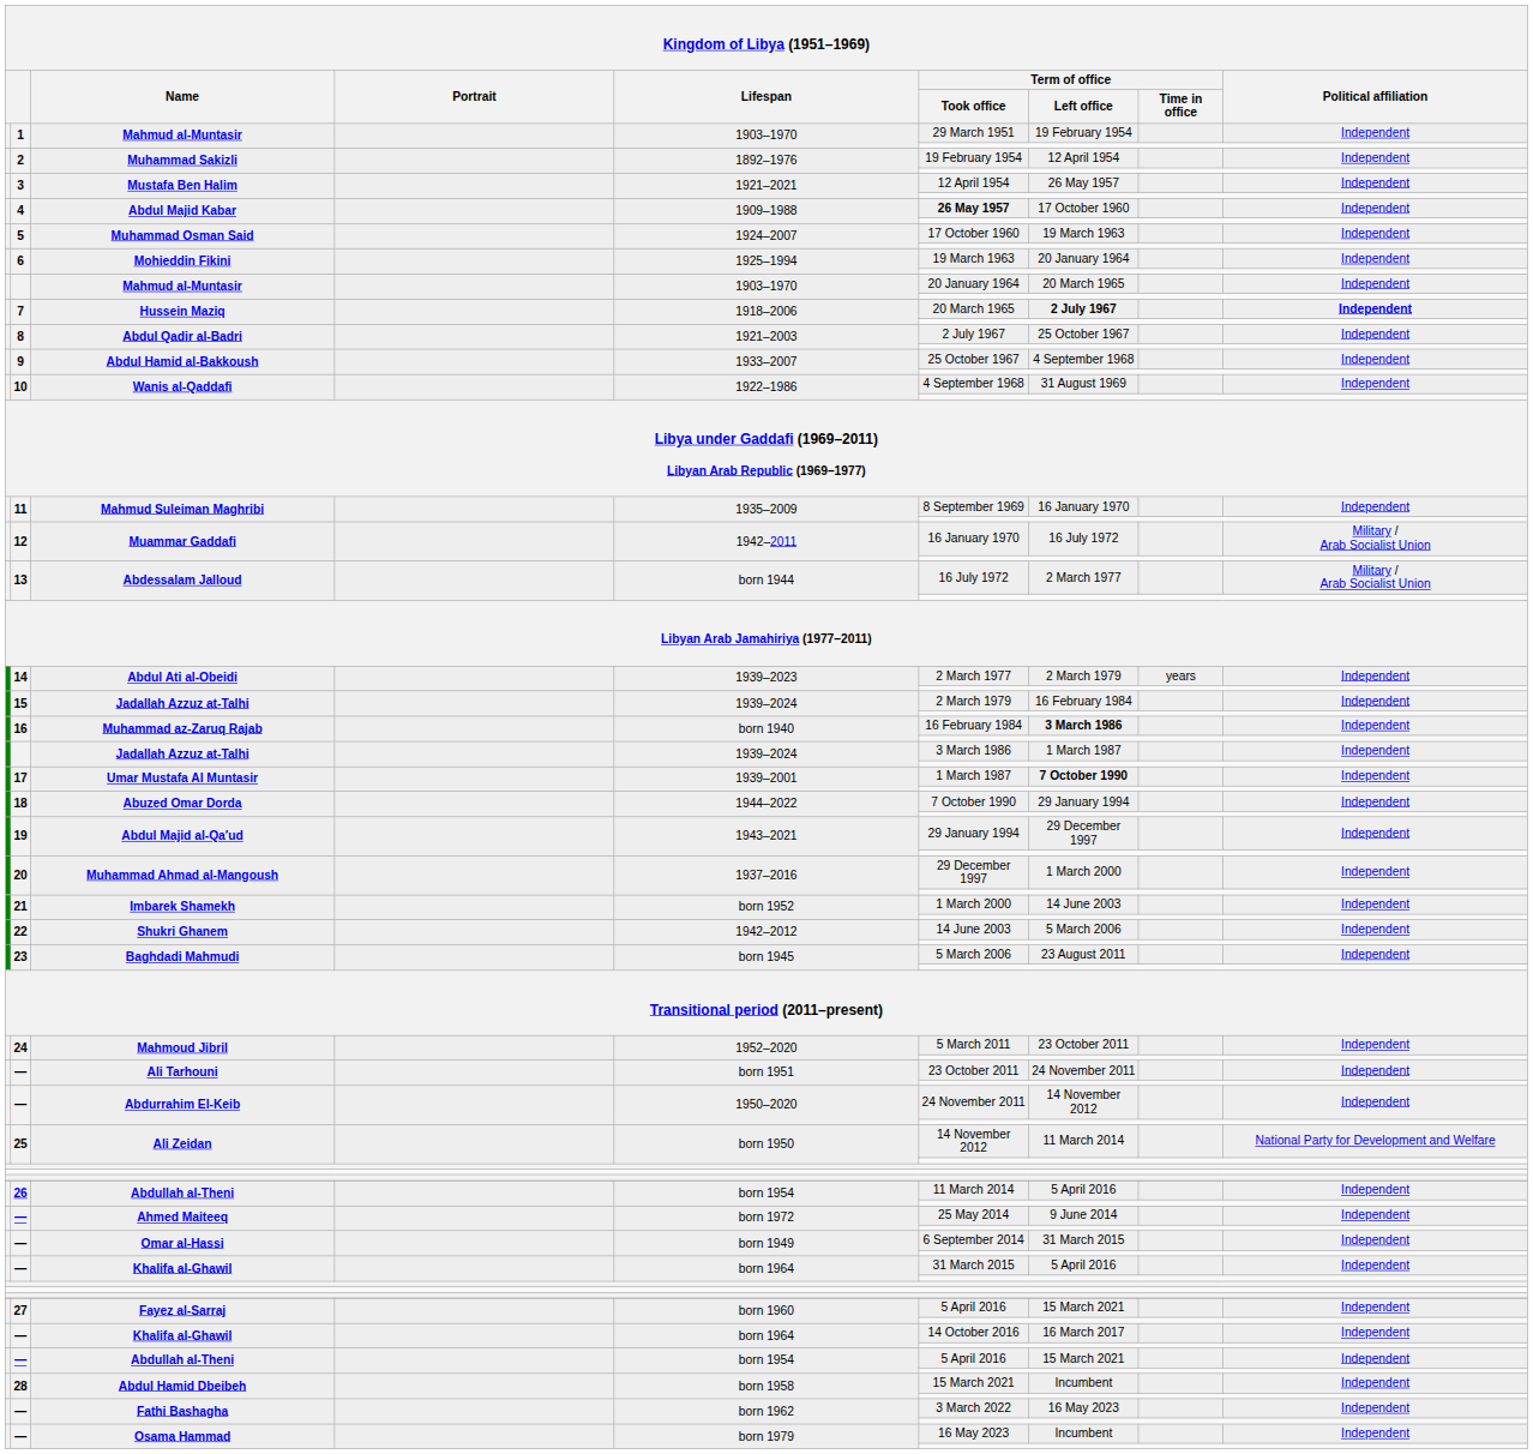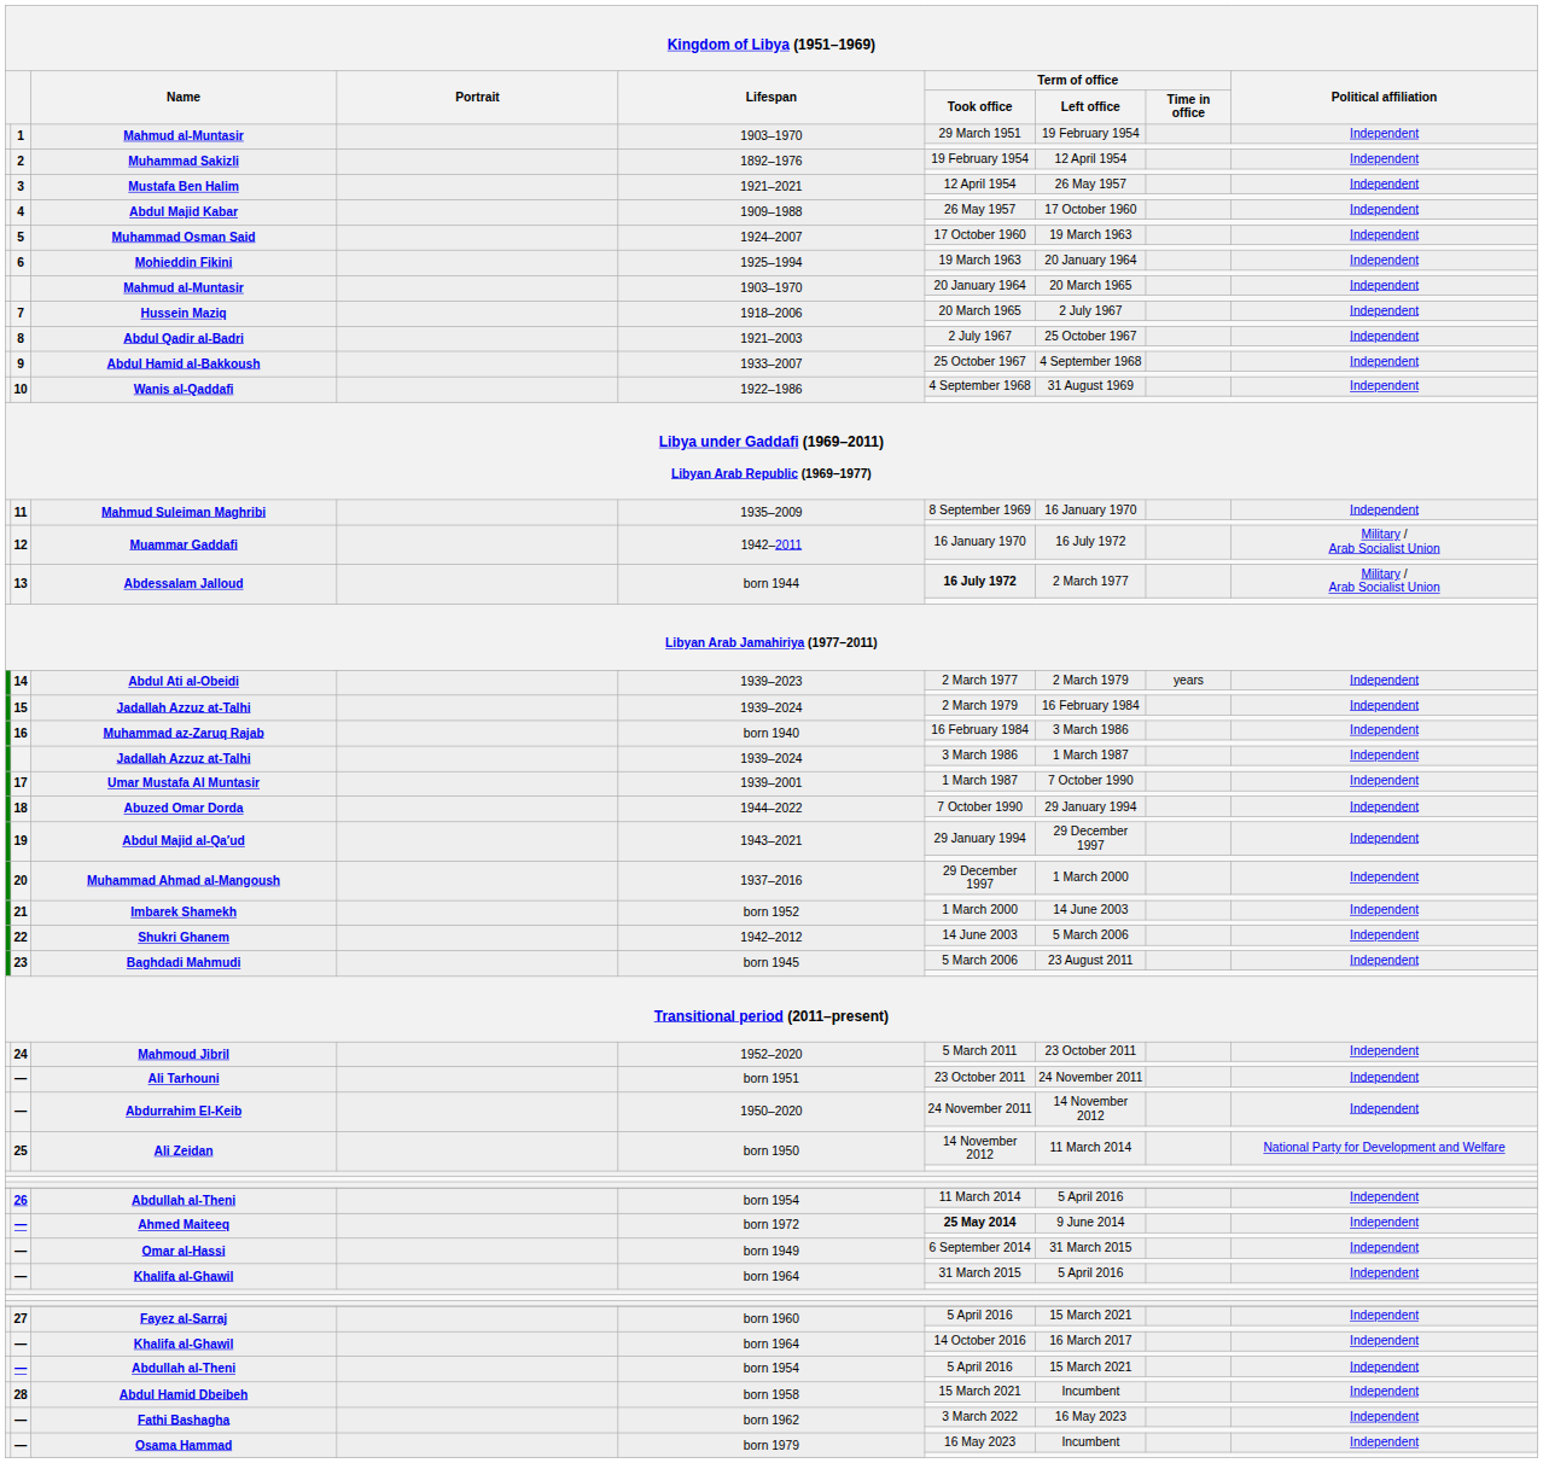 <table class="wikitable" style="text-align:center; width:100%">
 <tr>
 <th colspan=9><br><h3><a href='#'>Kingdom of Libya</a> (1951–1969)</h3></th>
 </tr>
 <tr>
 <th rowspan="2" colspan="2" width="1%"></th>
 <th rowspan="2" width="20%">Name</th>
 <th rowspan="2" width="100px">Portrait</th>
 <th rowspan="2" width="20%">Lifespan</th>
 <th colspan="3" width="20%">Term of office</th>
 <th rowspan="2" width="20%">Political affiliation</th>
 </tr>
 <tr>
 <th>Took office</th>
 <th>Left office</th>
 <th>Time in office</th>
 </tr>
 <tr style="background:#EEEEEE">
 <th rowspan="2" style="background:"></th>
 <th rowspan="2">1</th>
 <td rowspan="2"><strong><a href='#'>Mahmud al-Muntasir</a></strong></td>
 <td rowspan="2"></td>
 <td rowspan="2">1903–1970</td>
 <td>29 March 1951</td>
 <td>19 February 1954</td>
 <td></td>
 <td><a href='#'>Independent</a></td>
 </tr>
 <tr>
 <td colspan="4" align=left></td>
 </tr>
 <tr style="background:#EEEEEE">
 <th rowspan="2" style="background:"></th>
 <th rowspan="2">2</th>
 <td rowspan="2"><strong><a href='#'>Muhammad Sakizli</a></strong></td>
 <td rowspan="2"></td>
 <td rowspan="2">1892–1976</td>
 <td>19 February 1954</td>
 <td>12 April 1954</td>
 <td></td>
 <td><a href='#'>Independent</a></td>
 </tr>
 <tr>
 <td colspan="4" align=left></td>
 </tr>
 <tr style="background:#EEEEEE">
 <th rowspan="2" style="background:"></th>
 <th rowspan="2">3</th>
 <td rowspan="2"><strong><a href='#'>Mustafa Ben Halim</a></strong></td>
 <td rowspan="2"></td>
 <td rowspan="2">1921–2021</td>
 <td>12 April 1954</td>
 <td>26 May 1957</td>
 <td></td>
 <td><a href='#'>Independent</a></td>
 </tr>
 <tr>
 <td colspan="4" align=left></td>
 </tr>
 <tr style="background:#EEEEEE">
 <th rowspan="2" style="background:"></th>
 <th rowspan="2">4</th>
 <td rowspan="2"><strong><a href='#'>Abdul Majid Kabar</a></strong></td>
 <td rowspan="2"></td>
 <td rowspan="2">1909–1988</td>
-<td><strong>26 May 1957</strong></td>
+<td>26 May 1957</td>
 <td>17 October 1960</td>
 <td></td>
 <td><a href='#'>Independent</a></td>
 </tr>
 <tr>
 <td colspan="4" align=left></td>
 </tr>
 <tr style="background:#EEEEEE">
 <th rowspan="2" style="background:"></th>
 <th rowspan="2">5</th>
 <td rowspan="2"><strong><a href='#'>Muhammad Osman Said</a></strong></td>
 <td rowspan="2"></td>
 <td rowspan="2">1924–2007</td>
 <td>17 October 1960</td>
 <td>19 March 1963</td>
 <td></td>
 <td><a href='#'>Independent</a></td>
 </tr>
 <tr>
 <td colspan="4" align=left></td>
 </tr>
 <tr style="background:#EEEEEE">
 <th rowspan="2" style="background:"></th>
 <th rowspan="2">6</th>
 <td rowspan="2"><strong><a href='#'>Mohieddin Fikini</a></strong></td>
 <td rowspan="2"></td>
 <td rowspan="2">1925–1994</td>
 <td>19 March 1963</td>
 <td>20 January 1964</td>
 <td></td>
 <td><a href='#'>Independent</a></td>
 </tr>
 <tr>
 <td colspan="4" align=left></td>
 </tr>
 <tr style="background:#EEEEEE">
 <th rowspan="2" style="background:"></th>
 <th rowspan="2"></th>
 <td rowspan="2"><strong><a href='#'>Mahmud al-Muntasir</a></strong></td>
 <td rowspan="2"></td>
 <td rowspan="2">1903–1970</td>
 <td>20 January 1964</td>
 <td>20 March 1965</td>
 <td></td>
 <td><a href='#'>Independent</a></td>
 </tr>
 <tr>
 <td colspan="4" align=left></td>
 </tr>
 <tr style="background:#EEEEEE">
 <th rowspan="2" style="background:"></th>
 <th rowspan="2">7</th>
 <td rowspan="2"><strong><a href='#'>Hussein Maziq</a></strong></td>
 <td rowspan="2"></td>
 <td rowspan="2">1918–2006</td>
 <td>20 March 1965</td>
-<td><strong>2 July 1967</strong></td>
+<td>2 July 1967</td>
 <td></td>
-<td><strong><a href='#'>Independent</a></strong></td>
+<td><a href='#'>Independent</a></td>
 </tr>
 <tr>
 <td colspan="4" align=left></td>
 </tr>
 <tr style="background:#EEEEEE">
 <th rowspan="2" style="background:"></th>
 <th rowspan="2">8</th>
 <td rowspan="2"><strong><a href='#'>Abdul Qadir al-Badri</a></strong></td>
 <td rowspan="2"></td>
 <td rowspan="2">1921–2003</td>
 <td>2 July 1967</td>
 <td>25 October 1967</td>
 <td></td>
 <td><a href='#'>Independent</a></td>
 </tr>
 <tr>
 <td colspan="4" align=left></td>
 </tr>
 <tr style="background:#EEEEEE">
 <th rowspan="2" style="background:"></th>
 <th rowspan="2">9</th>
 <td rowspan="2"><strong><a href='#'>Abdul Hamid al-Bakkoush</a></strong></td>
 <td rowspan="2"></td>
 <td rowspan="2">1933–2007</td>
 <td>25 October 1967</td>
 <td>4 September 1968</td>
 <td></td>
 <td><a href='#'>Independent</a></td>
 </tr>
 <tr>
 <td colspan="4" align=left></td>
 </tr>
 <tr style="background:#EEEEEE">
 <th rowspan="2" style="background:"></th>
 <th rowspan="2">10</th>
 <td rowspan="2"><strong><a href='#'>Wanis al-Qaddafi</a></strong></td>
 <td rowspan="2"></td>
 <td rowspan="2">1922–1986</td>
 <td>4 September 1968</td>
 <td>31 August 1969</td>
 <td></td>
 <td><a href='#'>Independent</a></td>
 </tr>
 <tr>
 <td colspan="4" align=left></td>
 </tr>
 <tr>
 <th colspan=9><br><h3><a href='#'>Libya under Gaddafi</a> (1969–2011)</h3><h4><a href='#'>Libyan Arab Republic</a> (1969–1977)</h4></th>
 </tr>
 <tr style="background:#EEEEEE">
 <th rowspan="2" style="background:"></th>
 <th rowspan="2">11</th>
 <td rowspan="2"><strong><a href='#'>Mahmud Suleiman Maghribi</a></strong></td>
 <td rowspan="2"></td>
 <td rowspan="2">1935–2009</td>
 <td>8 September 1969</td>
 <td>16 January 1970</td>
 <td></td>
 <td><a href='#'>Independent</a></td>
 </tr>
 <tr>
 <td colspan="4" align=left></td>
 </tr>
 <tr style="background:#EEEEEE">
 <th rowspan="2" style="background:"></th>
 <th rowspan="2">12</th>
 <td rowspan="2"><strong><a href='#'>Muammar Gaddafi</a></strong></td>
 <td rowspan="2"></td>
 <td rowspan="2">1942–<a href='#'>2011</a></td>
 <td>16 January 1970</td>
 <td>16 July 1972</td>
 <td></td>
 <td><a href='#'>Military</a> / <br> <a href='#'>Arab Socialist Union</a></td>
 </tr>
 <tr>
 <td colspan="4" align=left></td>
 </tr>
 <tr style="background:#EEEEEE">
 <th rowspan="2" style="background:"></th>
 <th rowspan="2">13</th>
 <td rowspan="2"><strong><a href='#'>Abdessalam Jalloud</a></strong></td>
 <td rowspan="2"></td>
 <td rowspan="2">born 1944</td>
-<td>16 July 1972</td>
+<td><strong>16 July 1972</strong></td>
 <td>2 March 1977</td>
 <td></td>
 <td><a href='#'>Military</a> / <br> <a href='#'>Arab Socialist Union</a></td>
 </tr>
 <tr>
 <td colspan="4" align=left></td>
 </tr>
 <tr>
 <th colspan=9><br><h4><a href='#'>Libyan Arab Jamahiriya</a> (1977–2011)</h4></th>
 </tr>
 <tr style="background:#EEEEEE">
 <th rowspan="2" style="background:green"></th>
 <th rowspan="2">14</th>
 <td rowspan="2"><strong><a href='#'>Abdul Ati al-Obeidi</a></strong></td>
 <td rowspan="2"></td>
 <td rowspan="2">1939–2023</td>
 <td>2 March 1977</td>
 <td>2 March 1979</td>
 <td> years</td>
 <td><a href='#'>Independent</a><br></td>
 </tr>
 <tr>
 <td colspan="4" align=left></td>
 </tr>
 <tr style="background:#EEEEEE">
 <th rowspan="2" style="background:green"></th>
 <th rowspan="2">15</th>
 <td rowspan="2"><strong><a href='#'>Jadallah Azzuz at-Talhi</a></strong></td>
 <td rowspan="2"></td>
 <td rowspan="2">1939–2024</td>
 <td>2 March 1979</td>
 <td>16 February 1984</td>
 <td></td>
 <td><a href='#'>Independent</a><br></td>
 </tr>
 <tr>
 <td colspan="4" align=left></td>
 </tr>
 <tr style="background:#EEEEEE">
 <th rowspan="2" style="background:green"></th>
 <th rowspan="2">16</th>
 <td rowspan="2"><strong><a href='#'>Muhammad az-Zaruq Rajab</a></strong></td>
 <td rowspan="2"></td>
 <td rowspan="2">born 1940</td>
 <td>16 February 1984</td>
-<td><strong>3 March 1986</strong></td>
+<td>3 March 1986</td>
 <td></td>
 <td><a href='#'>Independent</a><br></td>
 </tr>
 <tr>
 <td colspan="4" align=left></td>
 </tr>
 <tr style="background:#EEEEEE">
 <th rowspan="2" style="background:green"></th>
 <th rowspan="2"></th>
 <td rowspan="2"><strong><a href='#'>Jadallah Azzuz at-Talhi</a></strong></td>
 <td rowspan="2"></td>
 <td rowspan="2">1939–2024</td>
 <td>3 March 1986</td>
 <td>1 March 1987</td>
 <td></td>
 <td><a href='#'>Independent</a><br></td>
 </tr>
 <tr>
 <td colspan="4" align=left></td>
 </tr>
 <tr style="background:#EEEEEE">
 <th rowspan="2" style="background:green"></th>
 <th rowspan="2">17</th>
 <td rowspan="2"><strong><a href='#'>Umar Mustafa Al Muntasir</a></strong></td>
 <td rowspan="2"></td>
 <td rowspan="2">1939–2001</td>
 <td>1 March 1987</td>
-<td><strong>7 October 1990</strong></td>
+<td>7 October 1990</td>
 <td></td>
 <td><a href='#'>Independent</a><br></td>
 </tr>
 <tr>
 <td colspan="4" align=left></td>
 </tr>
 <tr style="background:#EEEEEE">
 <th rowspan="2" style="background:green"></th>
 <th rowspan="2">18</th>
 <td rowspan="2"><strong><a href='#'>Abuzed Omar Dorda</a></strong></td>
 <td rowspan="2"></td>
 <td rowspan="2">1944–2022</td>
 <td>7 October 1990</td>
 <td>29 January 1994</td>
 <td></td>
 <td><a href='#'>Independent</a><br></td>
 </tr>
 <tr>
 <td colspan="4" align=left></td>
 </tr>
 <tr style="background:#EEEEEE">
 <th rowspan="2" style="background:green"></th>
 <th rowspan="2">19</th>
 <td rowspan="2"><strong><a href='#'>Abdul Majid al-Qa′ud</a></strong></td>
 <td rowspan="2"></td>
 <td rowspan="2">1943–2021</td>
 <td>29 January 1994</td>
 <td>29 December 1997</td>
 <td></td>
 <td><a href='#'>Independent</a><br></td>
 </tr>
 <tr>
 <td colspan="4" align=left></td>
 </tr>
 <tr style="background:#EEEEEE">
 <th rowspan="2" style="background:green"></th>
 <th rowspan="2">20</th>
 <td rowspan="2"><strong><a href='#'>Muhammad Ahmad al-Mangoush</a></strong></td>
 <td rowspan="2"></td>
 <td rowspan="2">1937–2016</td>
 <td>29 December 1997</td>
 <td>1 March 2000</td>
 <td></td>
 <td><a href='#'>Independent</a><br></td>
 </tr>
 <tr>
 <td colspan="4" align=left></td>
 </tr>
 <tr style="background:#EEEEEE">
 <th rowspan="2" style="background:green"></th>
 <th rowspan="2">21</th>
 <td rowspan="2"><strong><a href='#'>Imbarek Shamekh</a></strong></td>
 <td rowspan="2"></td>
 <td rowspan="2">born 1952</td>
 <td>1 March 2000</td>
 <td>14 June 2003</td>
 <td></td>
 <td><a href='#'>Independent</a><br></td>
 </tr>
 <tr>
 <td colspan="4" align=left></td>
 </tr>
 <tr style="background:#EEEEEE">
 <th rowspan="2" style="background:green"></th>
 <th rowspan="2">22</th>
 <td rowspan="2"><strong><a href='#'>Shukri Ghanem</a></strong></td>
 <td rowspan="2"></td>
 <td rowspan="2">1942–2012</td>
 <td>14 June 2003</td>
 <td>5 March 2006</td>
 <td></td>
 <td><a href='#'>Independent</a><br></td>
 </tr>
 <tr>
 <td colspan="4" align=left></td>
 </tr>
 <tr style="background:#EEEEEE">
 <th rowspan="2" style="background:green"></th>
 <th rowspan="2">23</th>
 <td rowspan="2"><strong><a href='#'>Baghdadi Mahmudi</a></strong></td>
 <td rowspan="2"></td>
 <td rowspan="2">born 1945</td>
 <td>5 March 2006</td>
 <td>23 August 2011</td>
 <td></td>
 <td><a href='#'>Independent</a><br></td>
 </tr>
 <tr>
 <td colspan="4" align=left></td>
 </tr>
 <tr>
 <th colspan=9><br><h3><a href='#'>Transitional period</a> (2011–present)</h3></th>
 </tr>
 <tr style="background:#EEEEEE">
 <th rowspan="2" style="background:"></th>
 <th rowspan="2">24</th>
 <td rowspan="2"><strong><a href='#'>Mahmoud Jibril</a></strong></td>
 <td rowspan="2"></td>
 <td rowspan="2">1952–2020</td>
 <td>5 March 2011</td>
 <td>23 October 2011</td>
 <td></td>
 <td><a href='#'>Independent</a></td>
 </tr>
 <tr>
 <td colspan="4" align=left></td>
 </tr>
 <tr style="background:#EEEEEE">
 <th rowspan="2" style="background:"></th>
 <th rowspan="2">—</th>
 <td rowspan="2"><strong><a href='#'>Ali Tarhouni</a></strong></td>
 <td rowspan="2"></td>
 <td rowspan="2">born 1951</td>
 <td>23 October 2011</td>
 <td>24 November 2011</td>
 <td></td>
 <td><a href='#'>Independent</a></td>
 </tr>
 <tr>
 <td colspan="4" align=left></td>
 </tr>
 <tr style="background:#EEEEEE">
 <th rowspan="2" style="background:"></th>
 <th rowspan="2">—</th>
 <td rowspan="2"><strong><a href='#'>Abdurrahim El-Keib</a></strong></td>
 <td rowspan="2"></td>
 <td rowspan="2">1950–2020</td>
 <td>24 November 2011</td>
 <td>14 November 2012</td>
 <td></td>
 <td><a href='#'>Independent</a></td>
 </tr>
 <tr>
 <td colspan="4" align=left></td>
 </tr>
 <tr style="background:#EEEEEE">
 <th rowspan="2" style="background:"></th>
 <th rowspan="2">25</th>
 <td rowspan="2"><strong><a href='#'>Ali Zeidan</a></strong></td>
 <td rowspan="2"></td>
 <td rowspan="2">born 1950</td>
 <td>14 November 2012</td>
 <td>11 March 2014</td>
 <td></td>
 <td><a href='#'>National Party for Development and Welfare</a></td>
 </tr>
 <tr>
 <td colspan="4" align=left></td>
 </tr>
 <tr>
 <th colspan=9></th>
 </tr>
 <tr>
 <td colspan="9"></td>
 </tr>
 <tr>
 <th colspan=9></th>
 </tr>
 <tr>
 </tr>
 <tr style="background:#EEEEEE">
 <th rowspan="2" style="background:"></th>
 <th rowspan="2"><a href='#'>26</a></th>
 <td rowspan="2"><strong><a href='#'>Abdullah al-Theni</a></strong></td>
 <td rowspan="2"></td>
 <td rowspan="2">born 1954</td>
 <td>11 March 2014</td>
 <td>5 April 2016</td>
 <td></td>
 <td><a href='#'>Independent</a></td>
 </tr>
 <tr>
 <td colspan="4" align=left></td>
 </tr>
 <tr style="background:#EEEEEE">
 <th rowspan="2" style="background:"></th>
 <th rowspan="2"><a href='#'>—</a></th>
 <td rowspan="2"><strong><a href='#'>Ahmed Maiteeq</a></strong></td>
 <td rowspan="2"></td>
 <td rowspan="2">born 1972</td>
-<td>25 May 2014</td>
+<td><strong>25 May 2014</strong></td>
 <td>9 June 2014</td>
 <td></td>
 <td><a href='#'>Independent</a></td>
 </tr>
 <tr>
 <td colspan="4" align=left></td>
 </tr>
 <tr style="background:#EEEEEE">
 <th rowspan="2" style="background:"></th>
 <th rowspan="2">—</th>
 <td rowspan="2"><strong><a href='#'>Omar al-Hassi</a></strong></td>
 <td rowspan="2"></td>
 <td rowspan="2">born 1949</td>
 <td>6 September 2014</td>
 <td>31 March 2015</td>
 <td></td>
 <td><a href='#'>Independent</a></td>
 </tr>
 <tr>
 <td colspan="4" align=left></td>
 </tr>
 <tr style="background:#EEEEEE">
 <th rowspan="2" style="background:"></th>
 <th rowspan="2">—</th>
 <td rowspan="2"><strong><a href='#'>Khalifa al-Ghawil</a></strong></td>
 <td rowspan="2"></td>
 <td rowspan="2">born 1964</td>
 <td>31 March 2015</td>
 <td>5 April 2016</td>
 <td></td>
 <td><a href='#'>Independent</a></td>
 </tr>
 <tr>
 <td colspan="4" align=left></td>
 </tr>
 <tr>
 <th colspan=9></th>
 </tr>
 <tr>
 <td colspan="9"></td>
 </tr>
 <tr>
 <th colspan=9></th>
 </tr>
 <tr>
 </tr>
 <tr style="background:#EEEEEE">
 <th rowspan="2" style="background:"></th>
 <th rowspan="2">27</th>
 <td rowspan="2"><strong><a href='#'>Fayez al-Sarraj</a></strong></td>
 <td rowspan="2"></td>
 <td rowspan="2">born 1960</td>
 <td>5 April 2016</td>
 <td>15 March 2021</td>
 <td></td>
 <td><a href='#'>Independent</a></td>
 </tr>
 <tr>
 <td colspan="4" align=left></td>
 </tr>
 <tr style="background:#EEEEEE">
 <th rowspan="2" style="background:"></th>
 <th rowspan="2">—</th>
 <td rowspan="2"><strong><a href='#'>Khalifa al-Ghawil</a></strong></td>
 <td rowspan="2"></td>
 <td rowspan="2">born 1964</td>
 <td>14 October 2016</td>
 <td>16 March 2017</td>
 <td></td>
 <td><a href='#'>Independent</a></td>
 </tr>
 <tr>
 <td colspan="4" align=left></td>
 </tr>
 <tr style="background:#EEEEEE">
 <th rowspan="2" style="background:"></th>
 <th rowspan="2"><a href='#'>—</a></th>
 <td rowspan="2"><strong><a href='#'>Abdullah al-Theni</a></strong></td>
 <td rowspan="2"></td>
 <td rowspan="2">born 1954</td>
 <td>5 April 2016</td>
 <td>15 March 2021</td>
 <td></td>
 <td><a href='#'>Independent</a></td>
 </tr>
 <tr>
 <td colspan="4" align=left></td>
 </tr>
 <tr style="background:#EEEEEE">
 <th rowspan="2" style="background:"></th>
 <th rowspan="2">28</th>
 <td rowspan="2"><strong><a href='#'>Abdul Hamid Dbeibeh</a></strong></td>
 <td rowspan="2"></td>
 <td rowspan="2">born 1958</td>
 <td>15 March 2021</td>
 <td>Incumbent</td>
 <td></td>
 <td><a href='#'>Independent</a></td>
 </tr>
 <tr>
 <td colspan="4" align=left></td>
 </tr>
 <tr style="background:#EEEEEE">
 <th rowspan="2" style="background:"></th>
 <th rowspan="2">—</th>
 <td rowspan="2"><strong><a href='#'>Fathi Bashagha</a></strong></td>
 <td rowspan="2"></td>
 <td rowspan="2">born 1962</td>
 <td>3 March 2022</td>
 <td>16 May 2023</td>
 <td></td>
 <td><a href='#'>Independent</a></td>
 </tr>
 <tr>
 <td colspan="4" align=left></td>
 </tr>
 <tr style="background:#EEEEEE">
 <th rowspan="2" style="background:"></th>
 <th rowspan="2">—</th>
 <td rowspan="2"><strong><a href='#'>Osama Hammad</a></strong></td>
 <td rowspan="2"></td>
 <td rowspan="2">born 1979</td>
 <td>16 May 2023</td>
 <td>Incumbent</td>
 <td></td>
 <td><a href='#'>Independent</a></td>
 </tr>
 <tr>
 <td colspan="4" align=left></td>
 </tr>
 </table>
